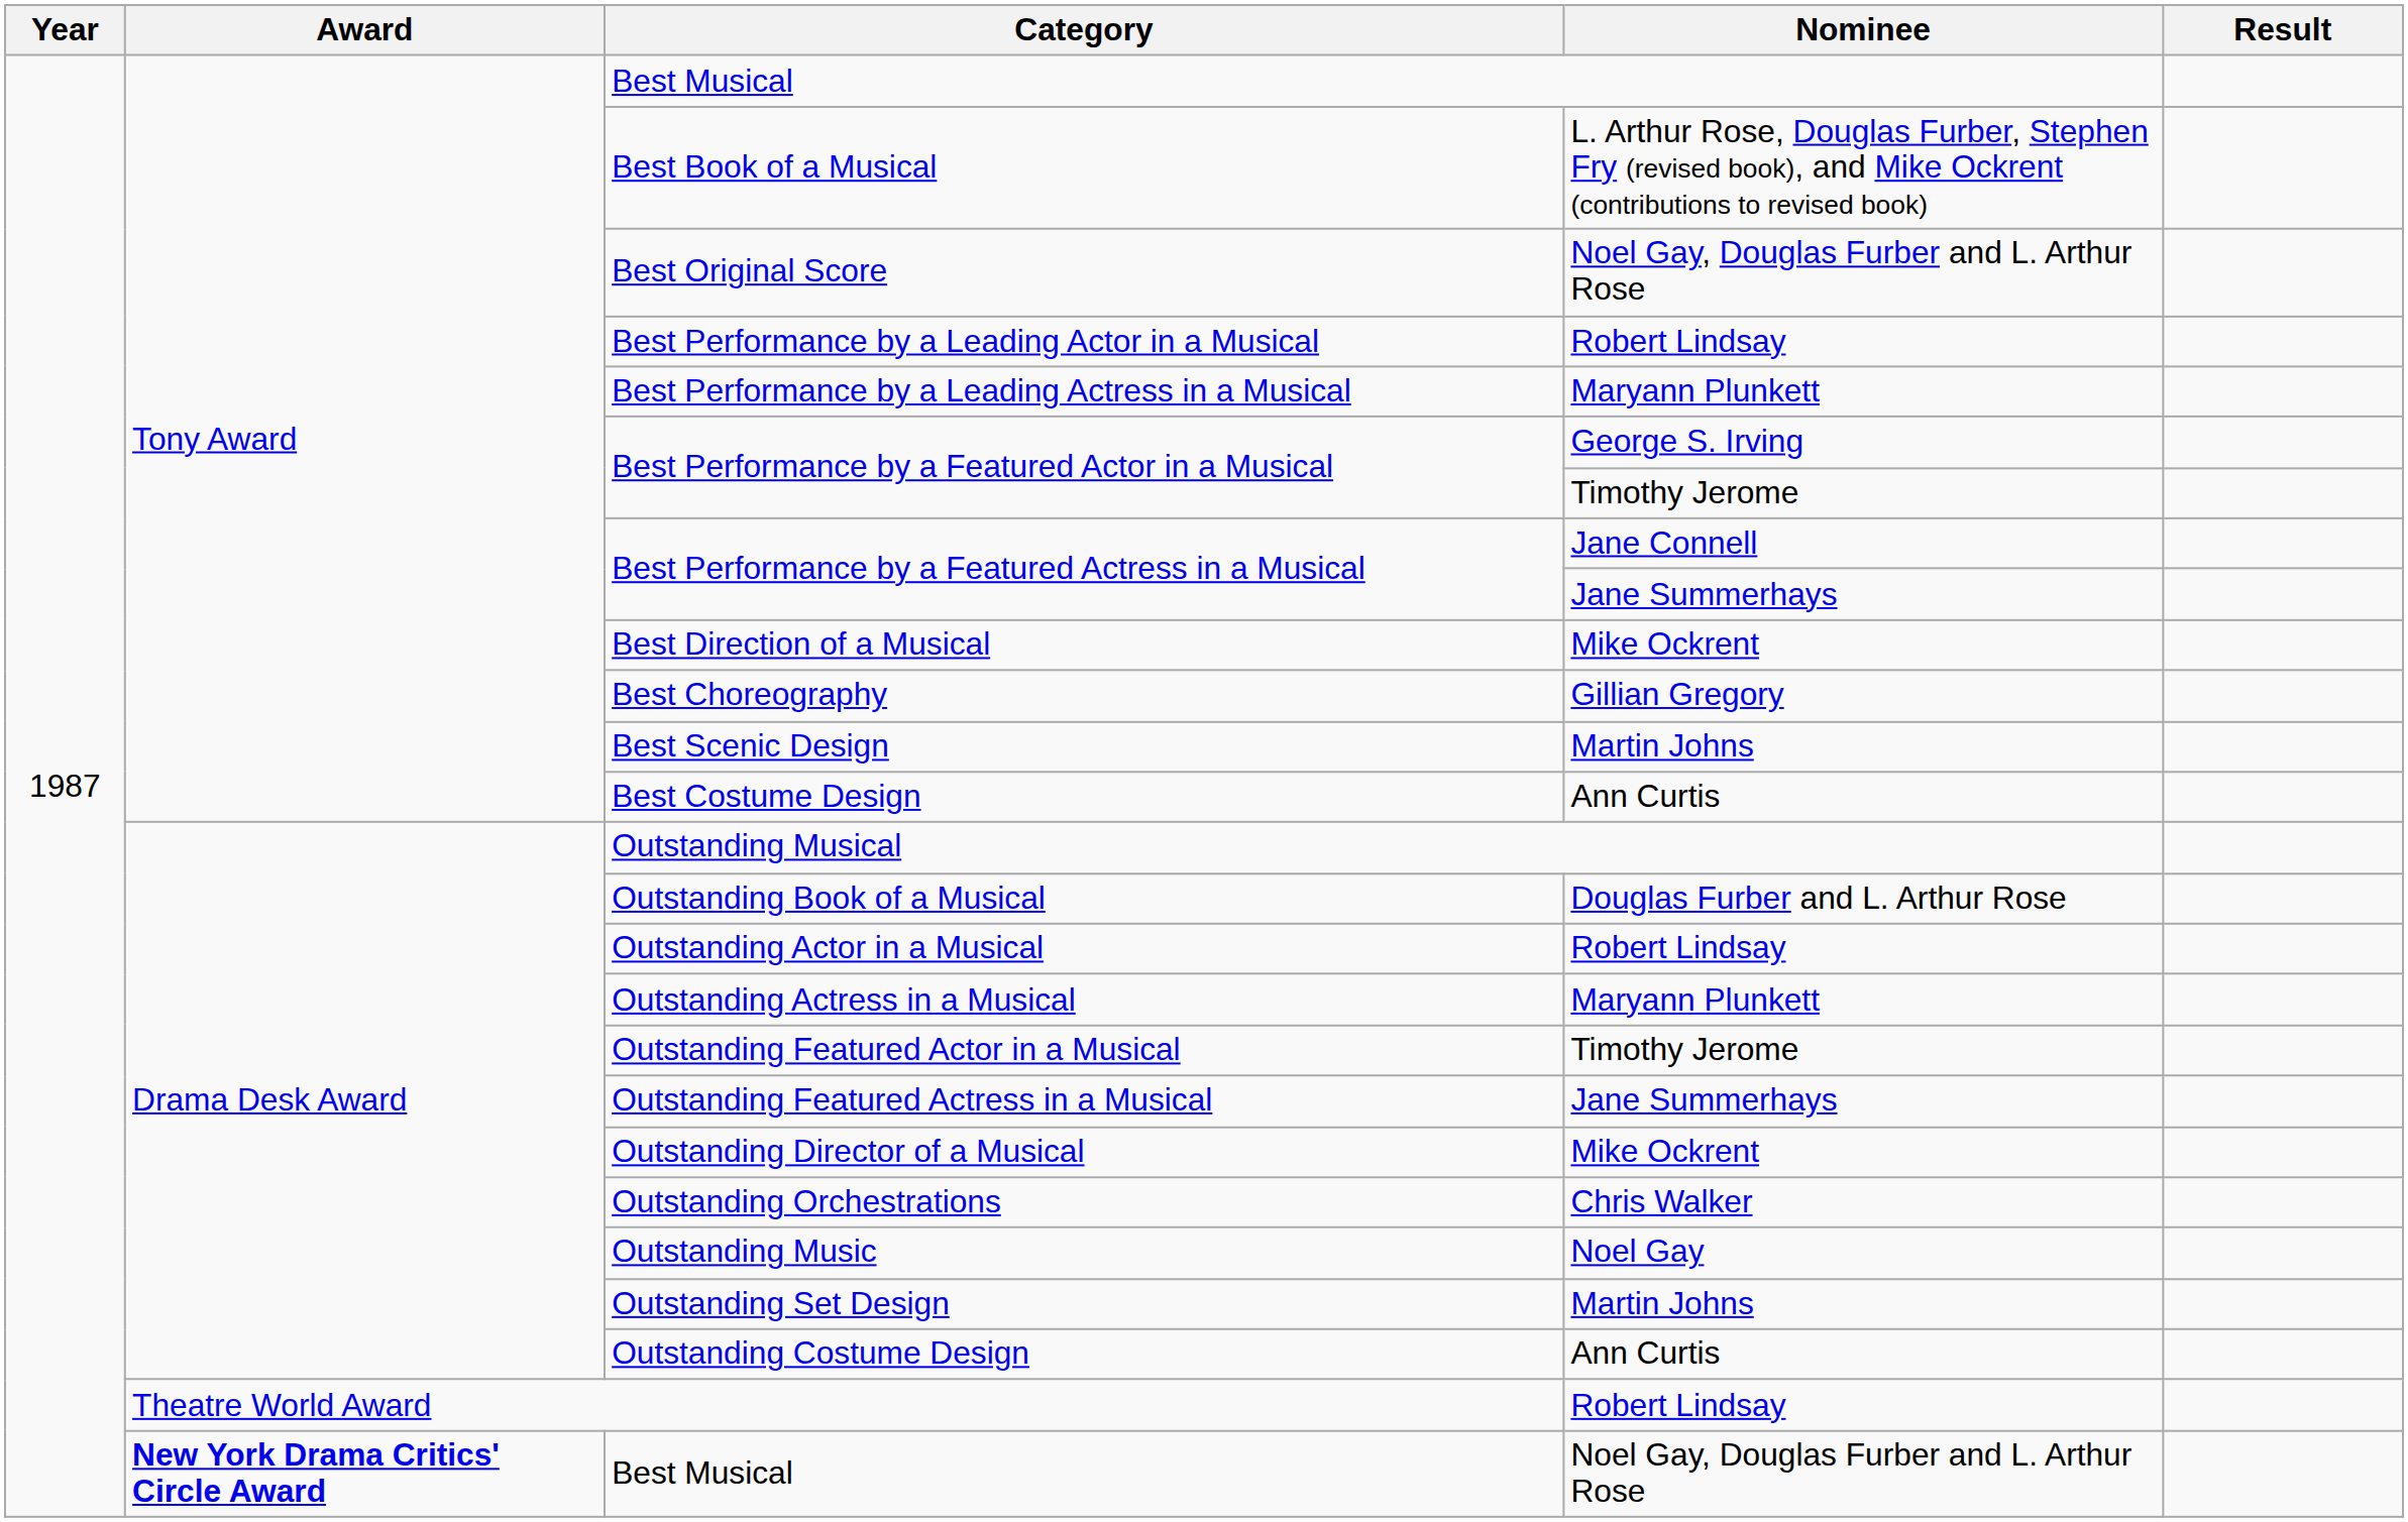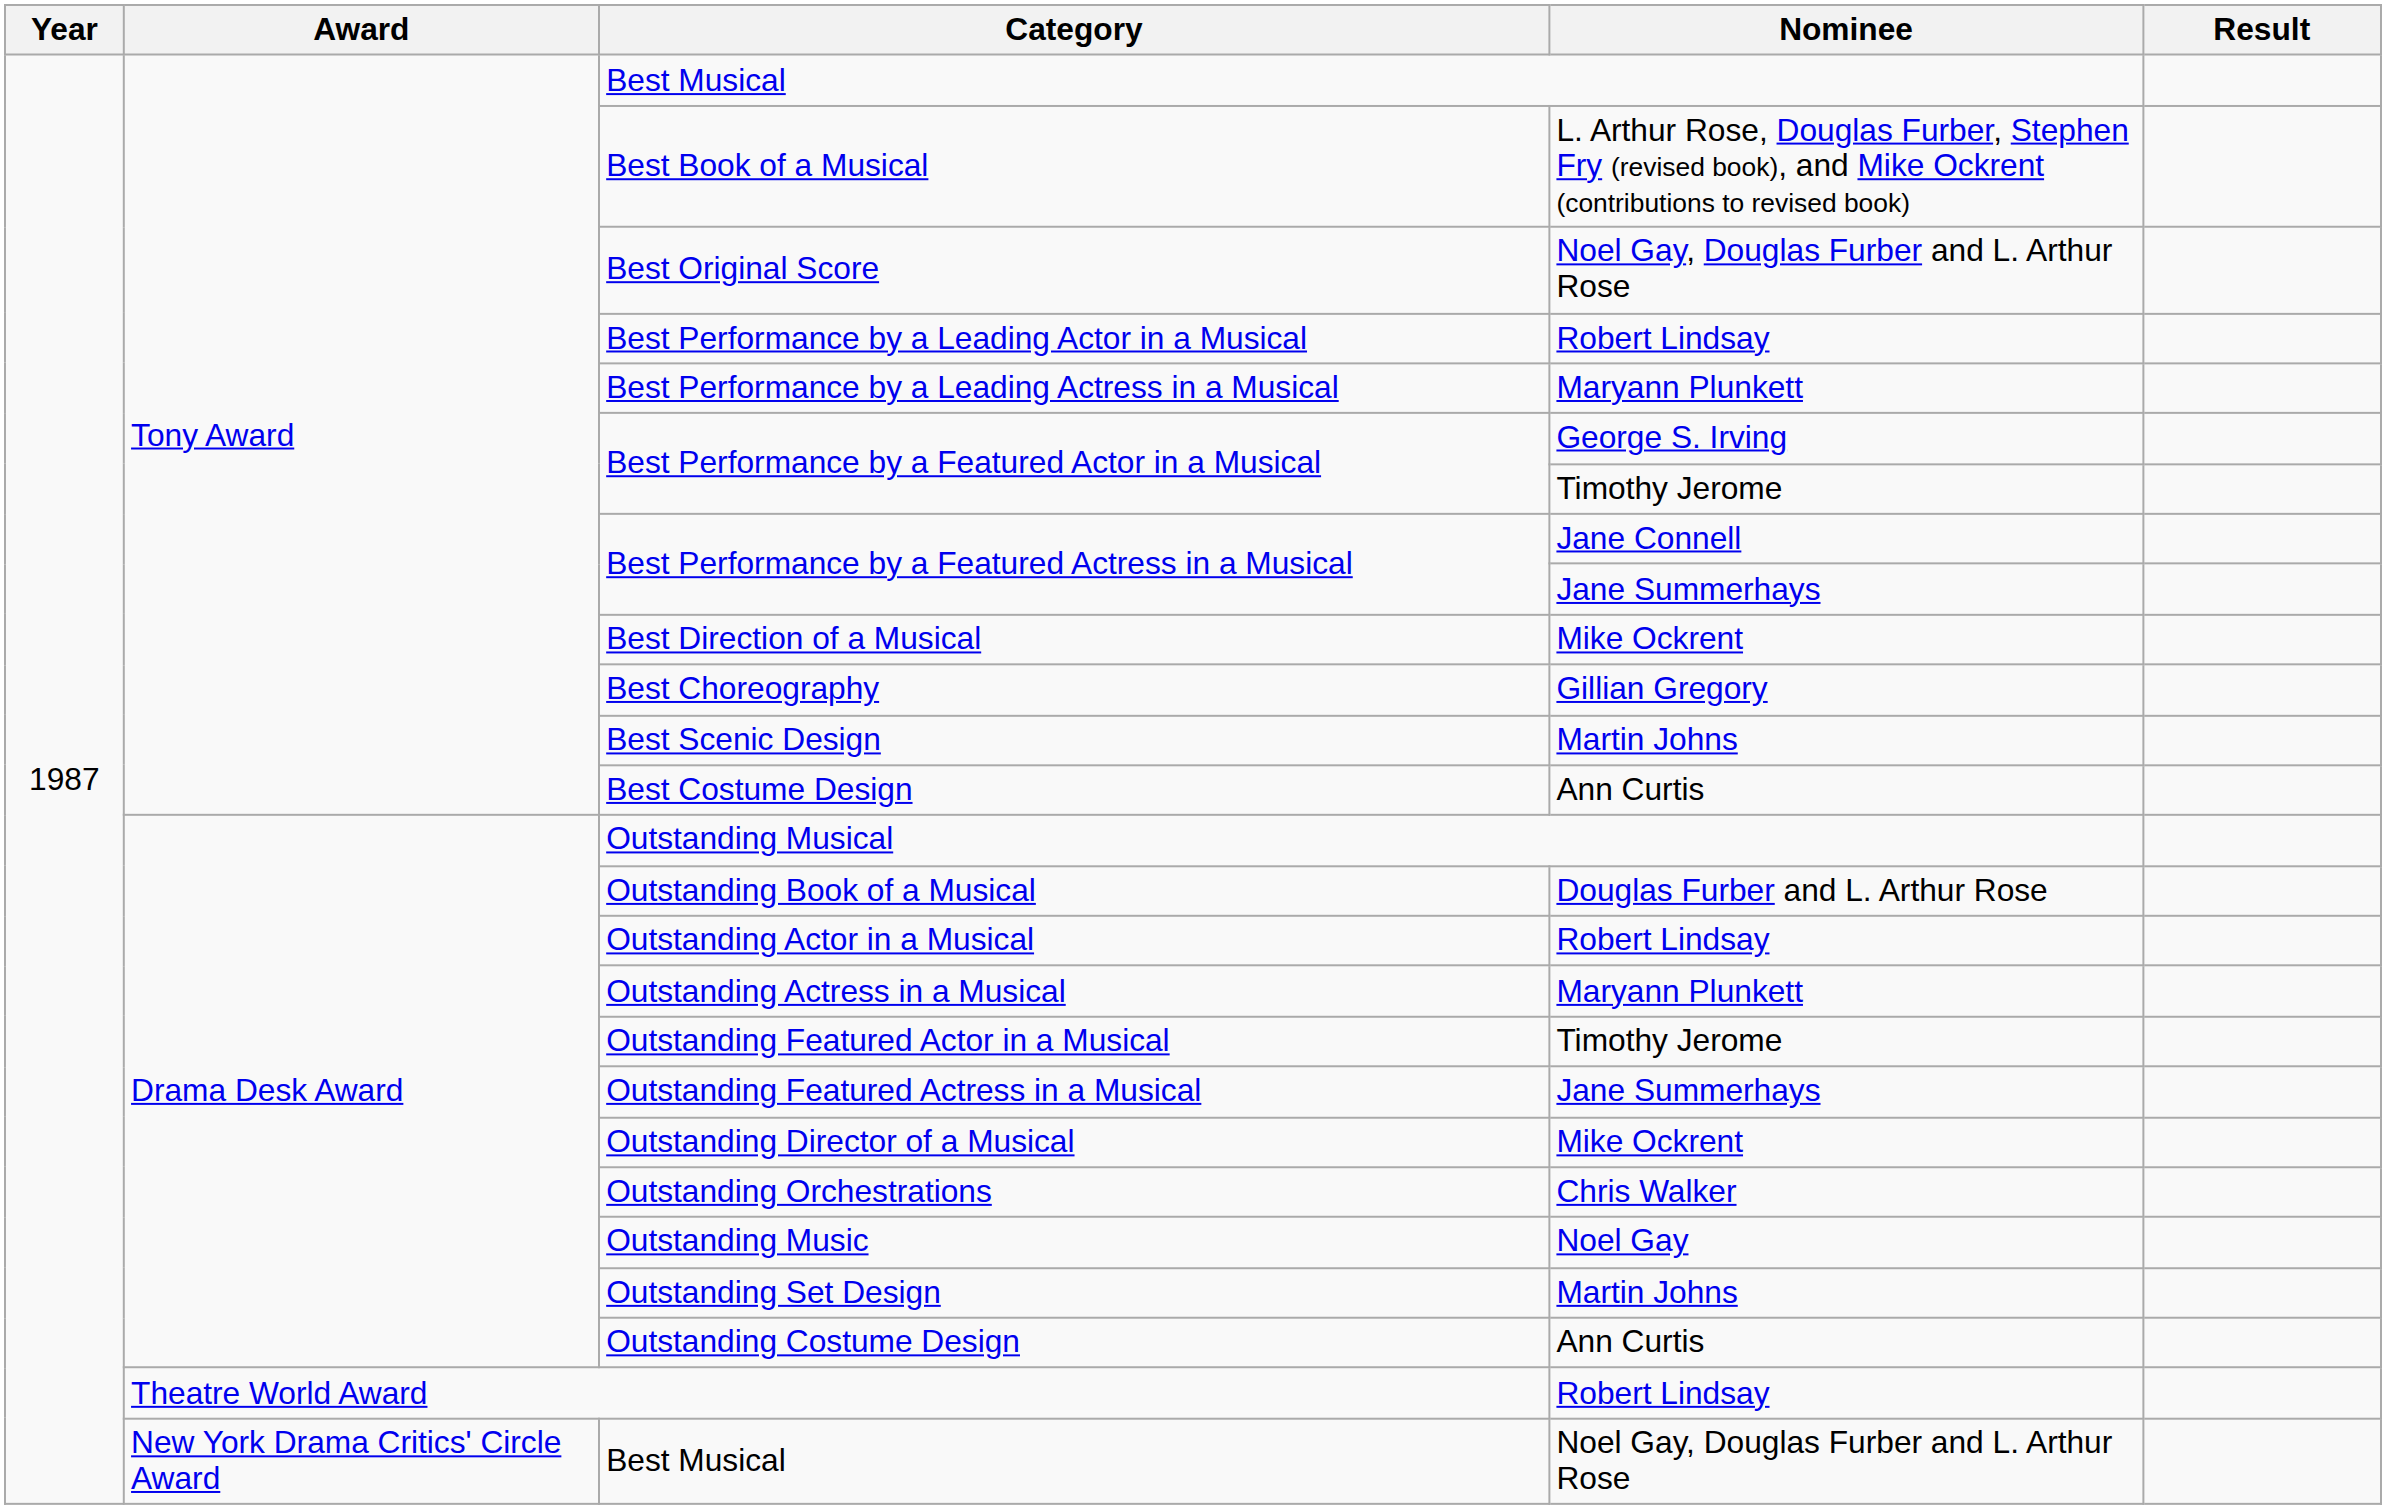 <table class="wikitable" width="95%">
 <tr>
 <th width="5%">Year</th>
 <th width="20%">Award</th>
 <th width="40%">Category</th>
 <th width="25%">Nominee</th>
 <th width="10%">Result</th>
 </tr>
 <tr>
 <td rowspan="26" align="center">1987</td>
 <td rowspan="13"><a href='#'>Tony Award</a></td>
 <td colspan="2"><a href='#'>Best Musical</a></td>
 <td></td>
 </tr>
 <tr>
 <td><a href='#'>Best Book of a Musical</a></td>
 <td>L. Arthur Rose, <a href='#'>Douglas Furber</a>, <a href='#'>Stephen Fry</a> <small>(revised book)</small>, and <a href='#'>Mike Ockrent</a> <small>(contributions to revised book)</small></td>
 <td></td>
 </tr>
 <tr>
 <td><a href='#'>Best Original Score</a></td>
 <td><a href='#'>Noel Gay</a>, <a href='#'>Douglas Furber</a> and L. Arthur Rose</td>
 <td></td>
 </tr>
 <tr>
 <td><a href='#'>Best Performance by a Leading Actor in a Musical</a></td>
 <td><a href='#'>Robert Lindsay</a></td>
 <td></td>
 </tr>
 <tr>
 <td><a href='#'>Best Performance by a Leading Actress in a Musical</a></td>
 <td><a href='#'>Maryann Plunkett</a></td>
 <td></td>
 </tr>
 <tr>
 <td rowspan="2"><a href='#'>Best Performance by a Featured Actor in a Musical</a></td>
 <td><a href='#'>George S. Irving</a></td>
 <td></td>
 </tr>
 <tr>
 <td>Timothy Jerome</td>
 <td></td>
 </tr>
 <tr>
 <td rowspan="2"><a href='#'>Best Performance by a Featured Actress in a Musical</a></td>
 <td><a href='#'>Jane Connell</a></td>
 <td></td>
 </tr>
 <tr>
 <td><a href='#'>Jane Summerhays</a></td>
 <td></td>
 </tr>
 <tr>
 <td><a href='#'>Best Direction of a Musical</a></td>
 <td><a href='#'>Mike Ockrent</a></td>
 <td></td>
 </tr>
 <tr>
 <td><a href='#'>Best Choreography</a></td>
 <td><a href='#'>Gillian Gregory</a></td>
 <td></td>
 </tr>
 <tr>
 <td><a href='#'>Best Scenic Design</a></td>
 <td><a href='#'>Martin Johns</a></td>
 <td></td>
 </tr>
 <tr>
 <td><a href='#'>Best Costume Design</a></td>
 <td>Ann Curtis</td>
 <td></td>
 </tr>
 <tr>
 <td rowspan="11"><a href='#'>Drama Desk Award</a></td>
 <td colspan="2"><a href='#'>Outstanding Musical</a></td>
 <td></td>
 </tr>
 <tr>
 <td><a href='#'>Outstanding Book of a Musical</a></td>
 <td><a href='#'>Douglas Furber</a> and L. Arthur Rose</td>
 <td></td>
 </tr>
 <tr>
 <td><a href='#'>Outstanding Actor in a Musical</a></td>
 <td><a href='#'>Robert Lindsay</a></td>
 <td></td>
 </tr>
 <tr>
 <td><a href='#'>Outstanding Actress in a Musical</a></td>
 <td><a href='#'>Maryann Plunkett</a></td>
 <td></td>
 </tr>
 <tr>
 <td><a href='#'>Outstanding Featured Actor in a Musical</a></td>
 <td>Timothy Jerome</td>
 <td></td>
 </tr>
 <tr>
 <td><a href='#'>Outstanding Featured Actress in a Musical</a></td>
 <td><a href='#'>Jane Summerhays</a></td>
 <td></td>
 </tr>
 <tr>
 <td><a href='#'>Outstanding Director of a Musical</a></td>
 <td><a href='#'>Mike Ockrent</a></td>
 <td></td>
 </tr>
 <tr>
 <td><a href='#'>Outstanding Orchestrations</a></td>
 <td><a href='#'>Chris Walker</a></td>
 <td></td>
 </tr>
 <tr>
 <td><a href='#'>Outstanding Music</a></td>
 <td><a href='#'>Noel Gay</a></td>
 <td></td>
 </tr>
 <tr>
 <td><a href='#'>Outstanding Set Design</a></td>
 <td><a href='#'>Martin Johns</a></td>
 <td></td>
 </tr>
 <tr>
 <td><a href='#'>Outstanding Costume Design</a></td>
 <td>Ann Curtis</td>
 <td></td>
 </tr>
 <tr>
 <td colspan="2"><a href='#'>Theatre World Award</a></td>
 <td><a href='#'>Robert Lindsay</a></td>
 <td></td>
 </tr>
 <tr>
-<td><strong><a href='#'>New York Drama Critics' Circle Award</a></strong></td>
+<td><a href='#'>New York Drama Critics' Circle Award</a></td>
 <td>Best Musical</td>
 <td>Noel Gay, Douglas Furber and L. Arthur Rose</td>
 <td></td>
 </tr>
 </table>
